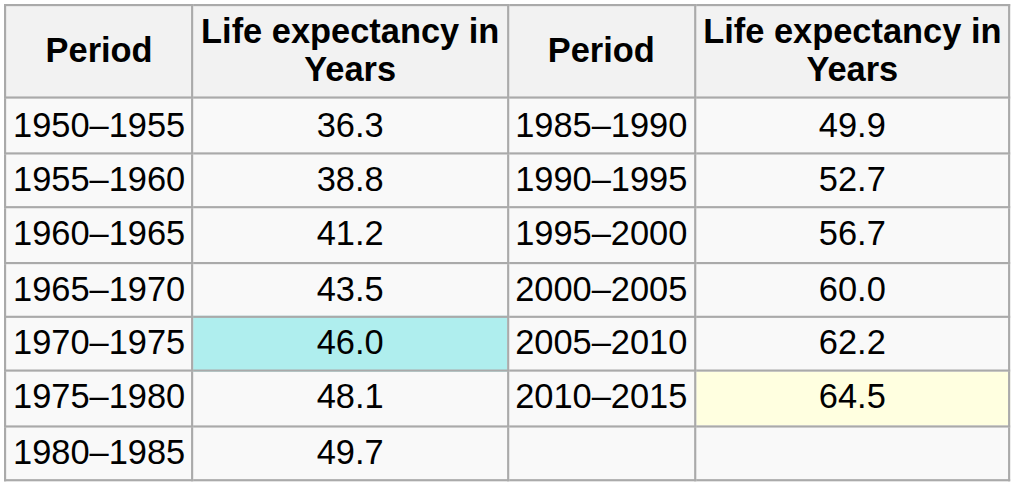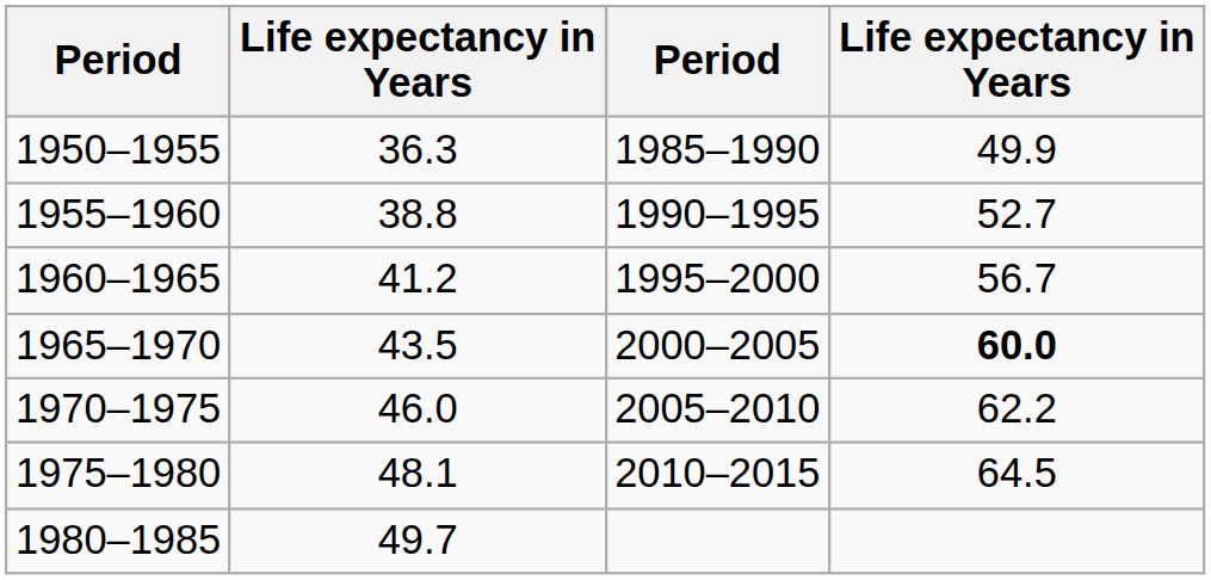 <table class="wikitable" style="text-align:center">
 <tr>
 <th>Period</th>
 <th>Life expectancy in<br>Years</th>
 <th>Period</th>
 <th>Life expectancy in<br>Years</th>
 </tr>
 <tr>
 <td>1950–1955</td>
 <td>36.3</td>
 <td>1985–1990</td>
 <td>49.9</td>
 </tr>
 <tr>
 <td>1955–1960</td>
 <td>38.8</td>
 <td>1990–1995</td>
 <td>52.7</td>
 </tr>
 <tr>
 <td>1960–1965</td>
 <td>41.2</td>
 <td>1995–2000</td>
 <td>56.7</td>
 </tr>
 <tr>
 <td>1965–1970</td>
 <td>43.5</td>
 <td>2000–2005</td>
-<td>60.0</td>
+<td><strong>60.0</strong></td>
 </tr>
 <tr>
 <td>1970–1975</td>
-<td style="background: paleturquoise;">46.0</td>
+<td>46.0</td>
 <td>2005–2010</td>
 <td>62.2</td>
 </tr>
 <tr>
 <td>1975–1980</td>
 <td>48.1</td>
 <td>2010–2015</td>
-<td style="background: lightyellow;">64.5</td>
+<td>64.5</td>
 </tr>
 <tr>
 <td>1980–1985</td>
 <td>49.7</td>
 <td></td>
 <td></td>
 </tr>
 </table>
